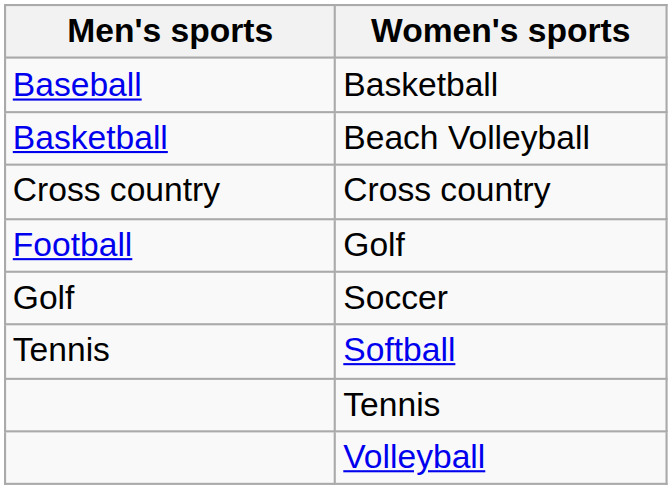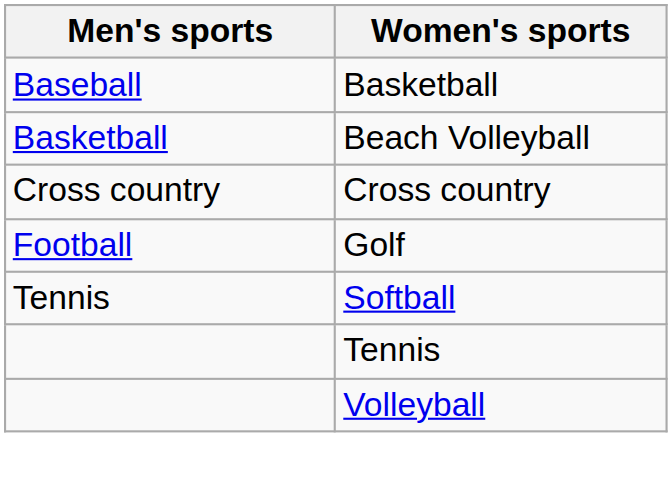 <table class="wikitable"; style= "text-align: ">
 <tr>
 <th width=150px>Men's sports</th>
 <th width=150px>Women's sports</th>
 </tr>
 <tr>
 <td><a href='#'>Baseball</a></td>
 <td>Basketball</td>
 </tr>
 <tr>
 <td><a href='#'>Basketball</a></td>
 <td>Beach Volleyball</td>
 </tr>
 <tr>
 <td>Cross country</td>
 <td>Cross country</td>
 </tr>
 <tr>
 <td><a href='#'>Football</a></td>
 <td>Golf</td>
 </tr>
 <tr>
-<td>Golf</td>
-<td>Soccer</td>
-</tr>
-<tr>
 <td>Tennis</td>
 <td><a href='#'>Softball</a></td>
 </tr>
 <tr>
 <td></td>
 <td>Tennis</td>
 </tr>
 <tr>
 <td></td>
 <td><a href='#'>Volleyball</a></td>
 </tr>
 </table>
